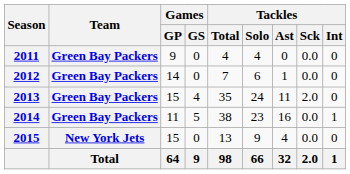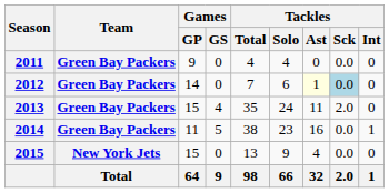 <table class=wikitable style="text-align:center;">
 <tr>
 <th rowspan=2>Season</th>
 <th rowspan=2>Team</th>
 <th colspan=2>Games</th>
 <th colspan=5>Tackles</th>
 </tr>
 <tr>
 <th>GP</th>
 <th>GS</th>
 <th>Total</th>
 <th>Solo</th>
 <th>Ast</th>
 <th>Sck</th>
 <th>Int</th>
 </tr>
 <tr>
 <th><a href='#'>2011</a></th>
 <th><a href='#'>Green Bay Packers</a></th>
 <td>9</td>
 <td>0</td>
 <td>4</td>
 <td>4</td>
 <td>0</td>
 <td>0.0</td>
 <td>0</td>
 </tr>
 <tr>
 <th><a href='#'>2012</a></th>
 <th><a href='#'>Green Bay Packers</a></th>
 <td>14</td>
 <td>0</td>
 <td>7</td>
 <td>6</td>
-<td>1</td>
-<td>0.0</td>
+<td style="background: lightyellow;">1</td>
+<td style="background: lightblue;">0.0</td>
 <td>0</td>
 </tr>
 <tr>
 <th><a href='#'>2013</a></th>
 <th><a href='#'>Green Bay Packers</a></th>
 <td>15</td>
 <td>4</td>
 <td>35</td>
 <td>24</td>
 <td>11</td>
 <td>2.0</td>
 <td>0</td>
 </tr>
 <tr>
 <th><a href='#'>2014</a></th>
 <th><a href='#'>Green Bay Packers</a></th>
 <td>11</td>
 <td>5</td>
 <td>38</td>
 <td>23</td>
 <td>16</td>
 <td>0.0</td>
 <td>1</td>
 </tr>
 <tr>
 <th><a href='#'>2015</a></th>
 <th><a href='#'>New York Jets</a></th>
 <td>15</td>
 <td>0</td>
 <td>13</td>
 <td>9</td>
 <td>4</td>
 <td>0.0</td>
 <td>0</td>
 </tr>
 <tr>
 <th></th>
 <th>Total</th>
 <th>64</th>
 <th>9</th>
 <th>98</th>
 <th>66</th>
 <th>32</th>
 <th>2.0</th>
 <th>1</th>
 </tr>
 </table>
